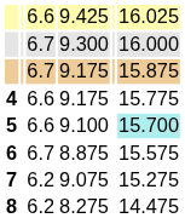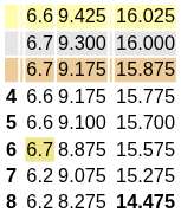 <table>
 <tr style="background:#fffcaf;">
 <td></td>
 <td align=left></td>
 <td>6.6</td>
 <td>9.425</td>
 <td></td>
 <td>16.025</td>
 </tr>
 <tr style="background:#e5e5e5;">
 <td></td>
 <td align=left></td>
 <td>6.7</td>
 <td>9.300</td>
 <td></td>
 <td>16.000</td>
 </tr>
 <tr style="background:#ec9;">
 <td></td>
 <td align=left></td>
 <td>6.7</td>
 <td>9.175</td>
 <td></td>
 <td>15.875</td>
 </tr>
 <tr>
 <th><strong>4</strong></th>
 <td align=left></td>
 <td>6.6</td>
 <td>9.175</td>
 <td></td>
 <td>15.775</td>
 </tr>
 <tr>
 <th><strong>5</strong></th>
 <td align=left></td>
 <td>6.6</td>
 <td>9.100</td>
 <td></td>
-<td style="background: paleturquoise;">15.700</td>
+<td>15.700</td>
 </tr>
 <tr>
 <th><strong>6</strong></th>
 <td align=left></td>
-<td>6.7</td>
+<td style="background: khaki;">6.7</td>
 <td>8.875</td>
 <td></td>
 <td>15.575</td>
 </tr>
 <tr>
 <th><strong>7</strong></th>
 <td align=left></td>
 <td>6.2</td>
 <td>9.075</td>
 <td></td>
 <td>15.275</td>
 </tr>
 <tr>
 <th><strong>8</strong></th>
 <td align=left></td>
 <td>6.2</td>
 <td>8.275</td>
 <td></td>
-<td>14.475</td>
+<td><strong>14.475</strong></td>
 </tr>
 </table>
